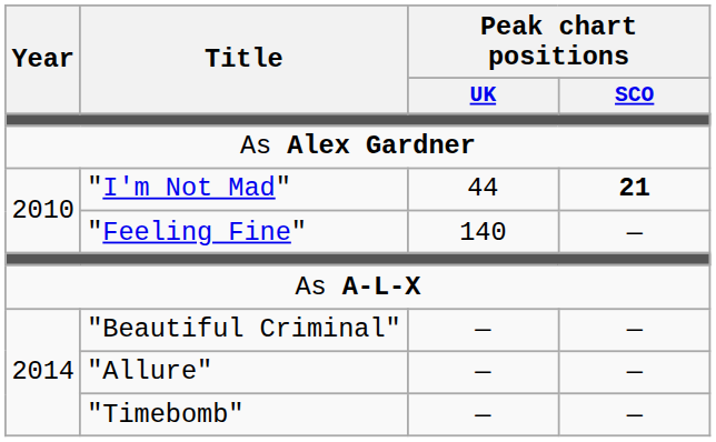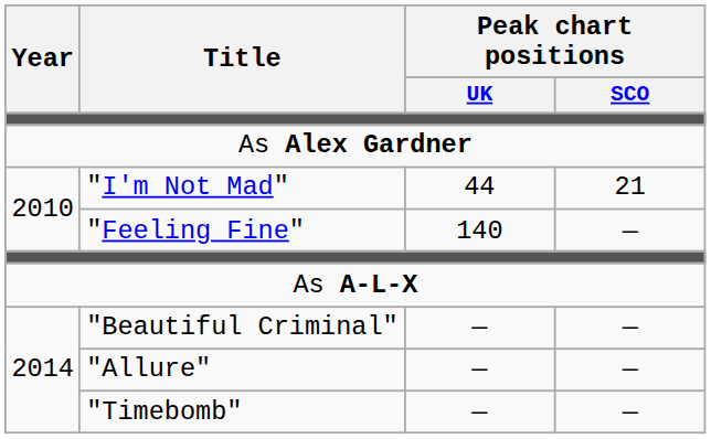 <table class="wikitable" style=text-align:center;>
 <tr>
 <th rowspan="2">Year</th>
 <th rowspan="2">Title</th>
 <th colspan="3">Peak chart positions</th>
 </tr>
 <tr style=font-size:smaller>
 <th width=70><a href='#'>UK</a></th>
 <th width=70><a href='#'>SCO</a></th>
 </tr>
 <tr>
 <td colspan="8" style="background:#555;"></td>
 </tr>
 <tr>
 <td colspan=8>As <strong>Alex Gardner</strong></td>
 </tr>
 <tr>
 <td rowspan="2">2010</td>
 <td align="left">"<a href='#'>I'm Not Mad</a>"</td>
 <td style="text-align:center;">44</td>
-<td style="text-align:center;"><strong>21</strong></td>
+<td style="text-align:center;">21</td>
 </tr>
 <tr>
 <td align="left">"<a href='#'>Feeling Fine</a>"</td>
 <td style="text-align:center;">140</td>
 <td style="text-align:center;">—</td>
 </tr>
 <tr>
 <td colspan="8" style="background:#555;"></td>
 </tr>
 <tr>
 <td colspan=8>As <strong>A-L-X</strong></td>
 </tr>
 <tr>
 <td rowspan="3">2014</td>
 <td align="left">"Beautiful Criminal"</td>
 <td style="text-align:center;">—</td>
 <td style="text-align:center;">—</td>
 </tr>
 <tr>
 <td align="left">"Allure"</td>
 <td style="text-align:center;">—</td>
 <td style="text-align:center;">—</td>
 </tr>
 <tr>
 <td align="left">"Timebomb"</td>
 <td style="text-align:center;">—</td>
 <td style="text-align:center;">—</td>
 </tr>
 </table>
